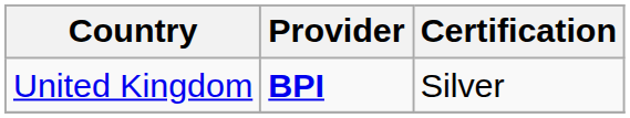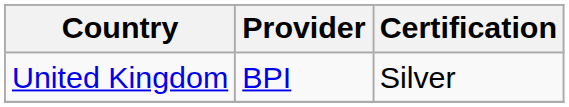 <table class="wikitable">
 <tr>
 <th>Country</th>
 <th>Provider</th>
 <th>Certification</th>
 </tr>
 <tr>
 <td><a href='#'>United Kingdom</a></td>
-<td><strong><a href='#'>BPI</a></strong></td>
+<td><a href='#'>BPI</a></td>
 <td>Silver</td>
 </tr>
 <tr>
 </tr>
 </table>
